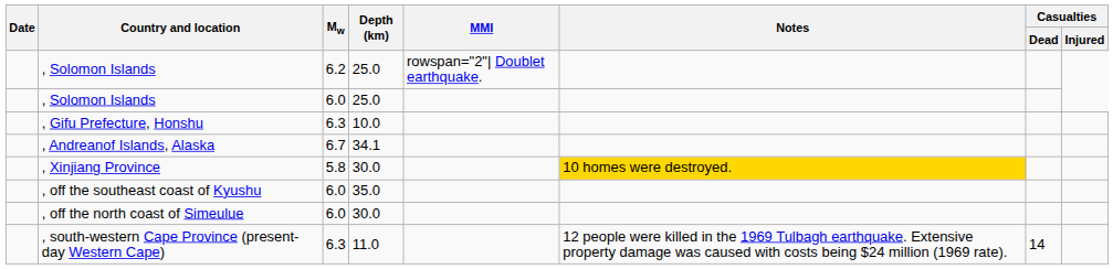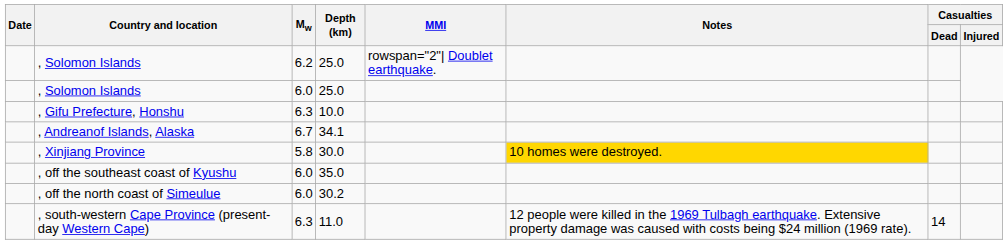 <table class="wikitable sortable sort-under" style="border:1px black; margin-left:1em;">
 <tr>
 <th rowspan="2"><small>Date</small></th>
 <th rowspan="2" style="width: 310px"><small>Country and location</small></th>
 <th rowspan="2"><small>M<sub>w</sub></small></th>
 <th rowspan="2"><small>Depth (km)</small></th>
 <th rowspan="2"><small><a href='#'>MMI</a></small></th>
 <th rowspan="2" class="unsortable"><small>Notes</small></th>
 <th colspan="2"><small>Casualties</small></th>
 </tr>
 <tr>
 <th><small>Dead</small></th>
 <th><small>Injured</small></th>
 </tr>
 <tr>
 <td></td>
 <td>, <a href='#'>Solomon Islands</a></td>
 <td>6.2</td>
 <td>25.0</td>
 <td>rowspan="2"| <a href='#'>Doublet earthquake</a>.</td>
 <td></td>
 <td></td>
 </tr>
 <tr>
 <td></td>
 <td>, <a href='#'>Solomon Islands</a></td>
 <td>6.0</td>
 <td>25.0</td>
 <td></td>
 <td></td>
 <td></td>
 </tr>
 <tr>
 <td></td>
 <td>, <a href='#'>Gifu Prefecture</a>, <a href='#'>Honshu</a></td>
 <td>6.3</td>
 <td>10.0</td>
 <td></td>
 <td></td>
 <td></td>
 <td></td>
 </tr>
 <tr>
 <td></td>
 <td>, <a href='#'>Andreanof Islands</a>, <a href='#'>Alaska</a></td>
 <td>6.7</td>
 <td>34.1</td>
 <td></td>
 <td></td>
 <td></td>
 <td></td>
 </tr>
 <tr>
 <td></td>
 <td>, <a href='#'>Xinjiang Province</a></td>
 <td>5.8</td>
 <td>30.0</td>
 <td></td>
 <td style="background: gold;">10 homes were destroyed.</td>
 <td></td>
 <td></td>
 </tr>
 <tr>
 <td></td>
 <td>, off the southeast coast of <a href='#'>Kyushu</a></td>
 <td>6.0</td>
 <td>35.0</td>
 <td></td>
 <td></td>
 <td></td>
 <td></td>
 </tr>
 <tr>
 <td></td>
 <td>, off the north coast of <a href='#'>Simeulue</a></td>
 <td>6.0</td>
-<td>30.0</td>
+<td>30.2</td>
 <td></td>
 <td></td>
 <td></td>
 <td></td>
 </tr>
 <tr>
 <td></td>
 <td>, south-western <a href='#'>Cape Province</a> (present-day <a href='#'>Western Cape</a>)</td>
 <td>6.3</td>
 <td>11.0</td>
 <td></td>
 <td>12 people were killed in the <a href='#'>1969 Tulbagh earthquake</a>. Extensive property damage was caused with costs being $24 million (1969 rate).</td>
 <td>14</td>
 <td></td>
 </tr>
 </table>
